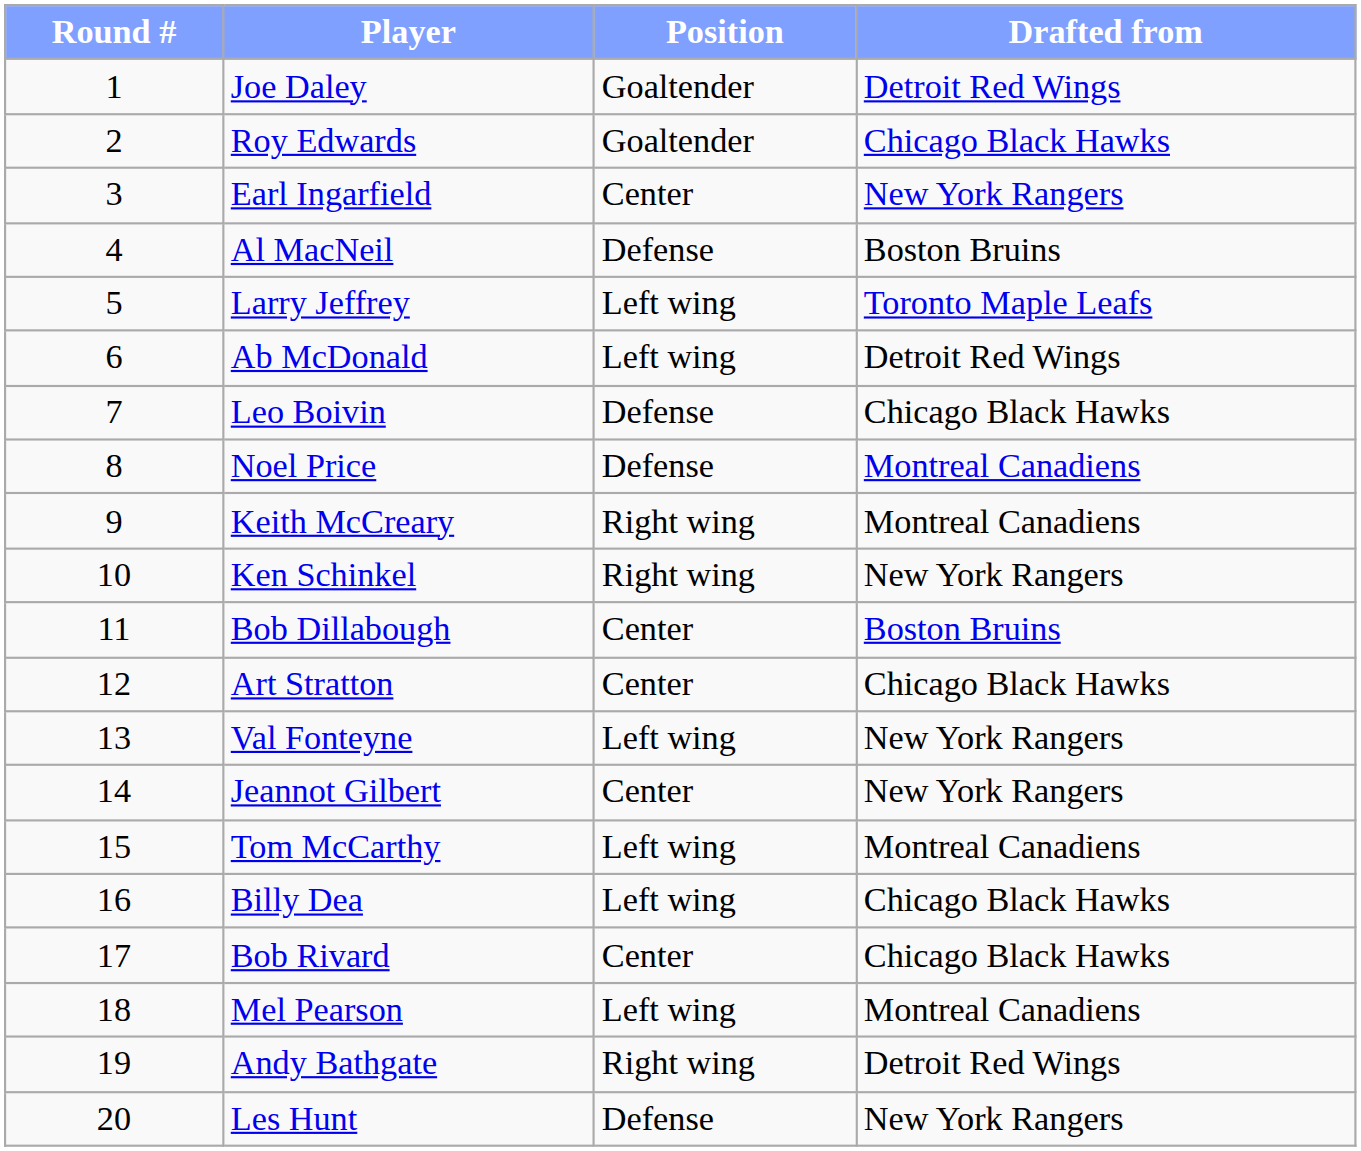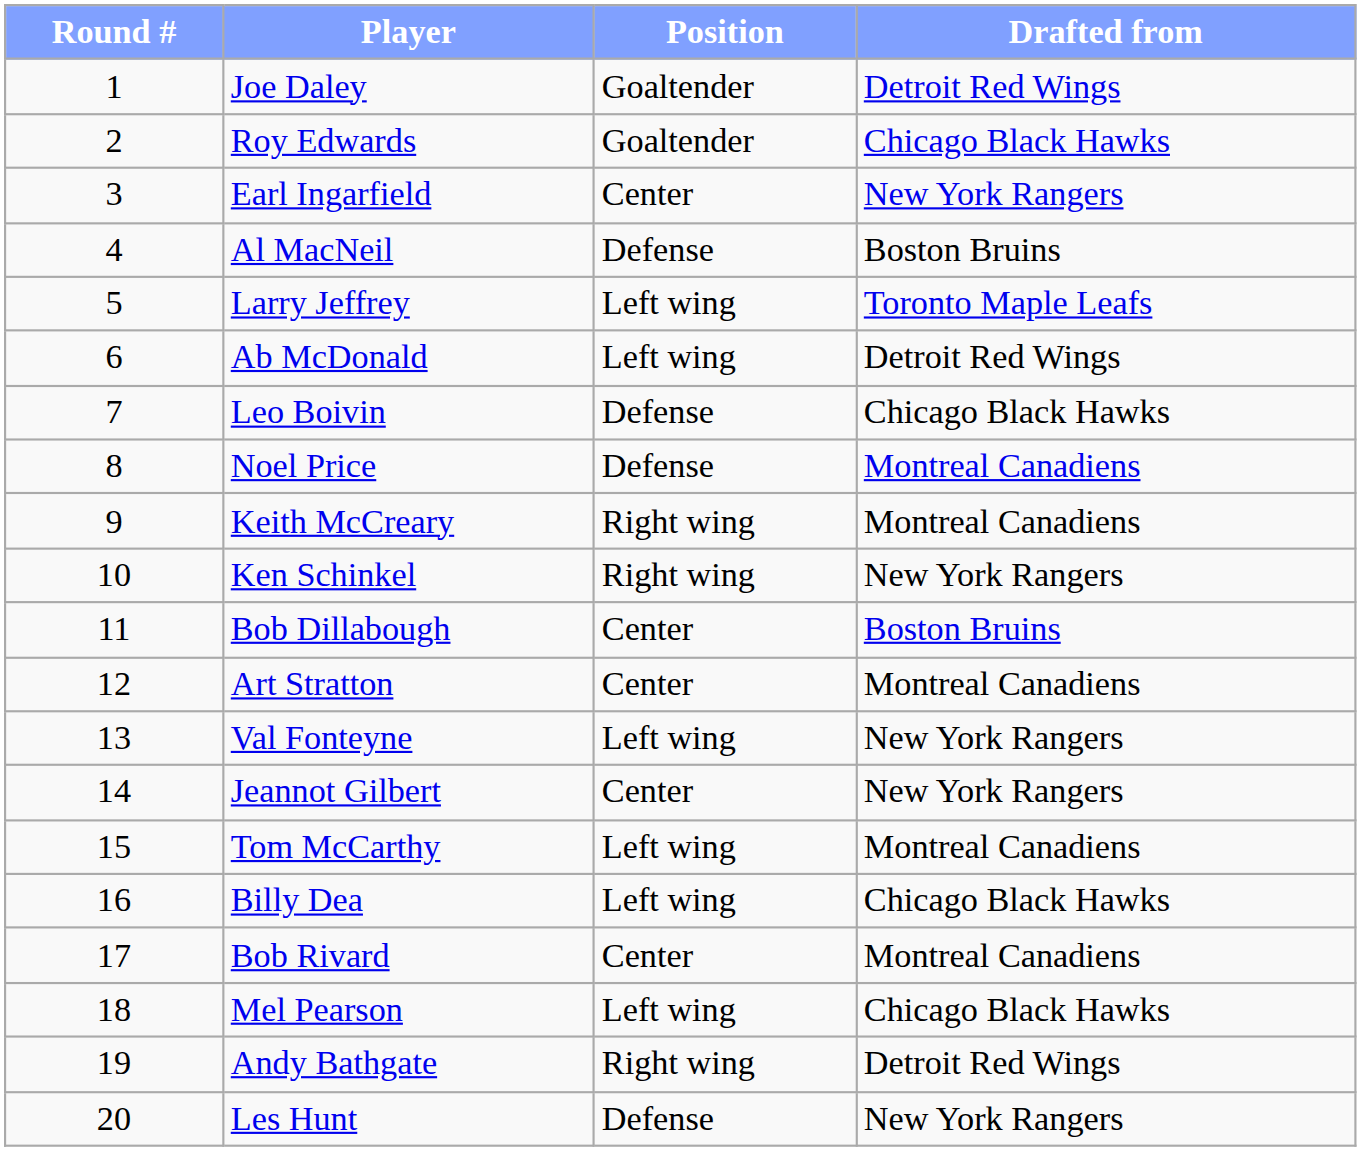 <table class="wikitable" width=50%>
 <tr>
 <th style="color:white; background:#80A0FF; ">Round #</th>
 <th style="color:white; background:#80A0FF; ">Player</th>
 <th style="color:white; background:#80A0FF; ">Position</th>
 <th style="color:white; background:#80A0FF; ">Drafted from</th>
 </tr>
 <tr>
 <td align=center>1</td>
 <td><a href='#'>Joe Daley</a></td>
 <td>Goaltender</td>
 <td><a href='#'>Detroit Red Wings</a></td>
 </tr>
 <tr>
 <td align=center>2</td>
 <td><a href='#'>Roy Edwards</a></td>
 <td>Goaltender</td>
 <td><a href='#'>Chicago Black Hawks</a></td>
 </tr>
 <tr>
 <td align=center>3</td>
 <td><a href='#'>Earl Ingarfield</a></td>
 <td>Center</td>
 <td><a href='#'>New York Rangers</a></td>
 </tr>
 <tr>
 <td align=center>4</td>
 <td><a href='#'>Al MacNeil</a></td>
 <td>Defense</td>
 <td>Boston Bruins</td>
 </tr>
 <tr>
 <td align=center>5</td>
 <td><a href='#'>Larry Jeffrey</a></td>
 <td>Left wing</td>
 <td><a href='#'>Toronto Maple Leafs</a></td>
 </tr>
 <tr>
 <td align=center>6</td>
 <td><a href='#'>Ab McDonald</a></td>
 <td>Left wing</td>
 <td>Detroit Red Wings</td>
 </tr>
 <tr>
 <td align=center>7</td>
 <td><a href='#'>Leo Boivin</a></td>
 <td>Defense</td>
 <td>Chicago Black Hawks</td>
 </tr>
 <tr>
 <td align=center>8</td>
 <td><a href='#'>Noel Price</a></td>
 <td>Defense</td>
 <td><a href='#'>Montreal Canadiens</a></td>
 </tr>
 <tr>
 <td align=center>9</td>
 <td><a href='#'>Keith McCreary</a></td>
 <td>Right wing</td>
 <td>Montreal Canadiens</td>
 </tr>
 <tr>
 <td align=center>10</td>
 <td><a href='#'>Ken Schinkel</a></td>
 <td>Right wing</td>
 <td>New York Rangers</td>
 </tr>
 <tr>
 <td align=center>11</td>
 <td><a href='#'>Bob Dillabough</a></td>
 <td>Center</td>
 <td><a href='#'>Boston Bruins</a></td>
 </tr>
 <tr>
 <td align=center>12</td>
 <td><a href='#'>Art Stratton</a></td>
 <td>Center</td>
-<td>Chicago Black Hawks</td>
+<td>Montreal Canadiens</td>
 </tr>
 <tr>
 <td align=center>13</td>
 <td><a href='#'>Val Fonteyne</a></td>
 <td>Left wing</td>
 <td>New York Rangers</td>
 </tr>
 <tr>
 <td align=center>14</td>
 <td><a href='#'>Jeannot Gilbert</a></td>
 <td>Center</td>
 <td>New York Rangers</td>
 </tr>
 <tr>
 <td align=center>15</td>
 <td><a href='#'>Tom McCarthy</a></td>
 <td>Left wing</td>
 <td>Montreal Canadiens</td>
 </tr>
 <tr>
 <td align=center>16</td>
 <td><a href='#'>Billy Dea</a></td>
 <td>Left wing</td>
 <td>Chicago Black Hawks</td>
 </tr>
 <tr>
 <td align=center>17</td>
 <td><a href='#'>Bob Rivard</a></td>
 <td>Center</td>
-<td>Chicago Black Hawks</td>
+<td>Montreal Canadiens</td>
 </tr>
 <tr>
 <td align=center>18</td>
 <td><a href='#'>Mel Pearson</a></td>
 <td>Left wing</td>
-<td>Montreal Canadiens</td>
+<td>Chicago Black Hawks</td>
 </tr>
 <tr>
 <td align=center>19</td>
 <td><a href='#'>Andy Bathgate</a></td>
 <td>Right wing</td>
 <td>Detroit Red Wings</td>
 </tr>
 <tr>
 <td align=center>20</td>
 <td><a href='#'>Les Hunt</a></td>
 <td>Defense</td>
 <td>New York Rangers</td>
 </tr>
 </table>
